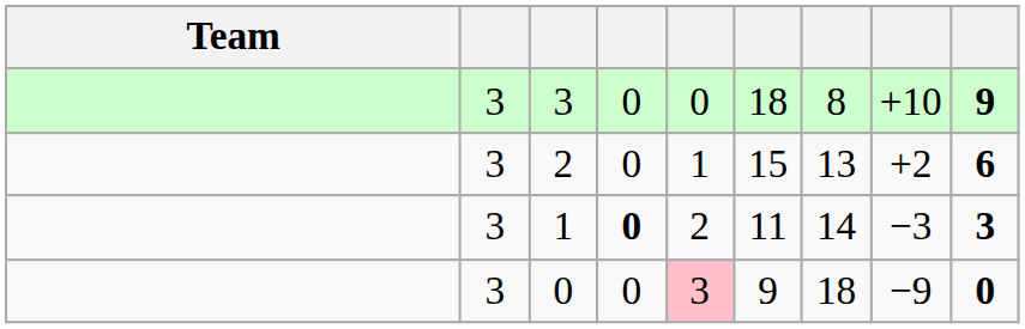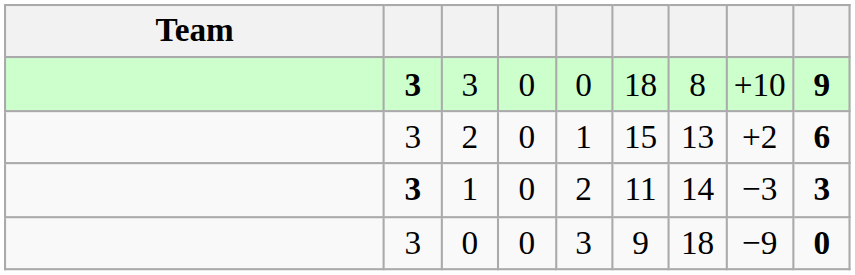 <table class="wikitable" style="text-align: center;">
 <tr>
 <th width="175">Team</th>
 <th width="20"></th>
 <th width="20"></th>
 <th width="20"></th>
 <th width="20"></th>
 <th width="20"></th>
 <th width="20"></th>
 <th width="20"></th>
 <th width="20"></th>
 </tr>
 <tr bgcolor="#ccffcc">
 <td align=left></td>
-<td>3</td>
+<td><strong>3</strong></td>
 <td>3</td>
 <td>0</td>
 <td>0</td>
 <td>18</td>
 <td>8</td>
 <td>+10</td>
 <td><strong>9</strong></td>
 </tr>
 <tr>
 <td align=left></td>
 <td>3</td>
 <td>2</td>
 <td>0</td>
 <td>1</td>
 <td>15</td>
 <td>13</td>
 <td>+2</td>
 <td><strong>6</strong></td>
 </tr>
 <tr>
 <td align=left></td>
-<td>3</td>
+<td><strong>3</strong></td>
 <td>1</td>
-<td><strong>0</strong></td>
+<td>0</td>
 <td>2</td>
 <td>11</td>
 <td>14</td>
 <td>−3</td>
 <td><strong>3</strong></td>
 </tr>
 <tr>
 <td align=left></td>
 <td>3</td>
 <td>0</td>
 <td>0</td>
-<td style="background: pink;">3</td>
+<td>3</td>
 <td>9</td>
 <td>18</td>
 <td>−9</td>
 <td><strong>0</strong></td>
 </tr>
 </table>
